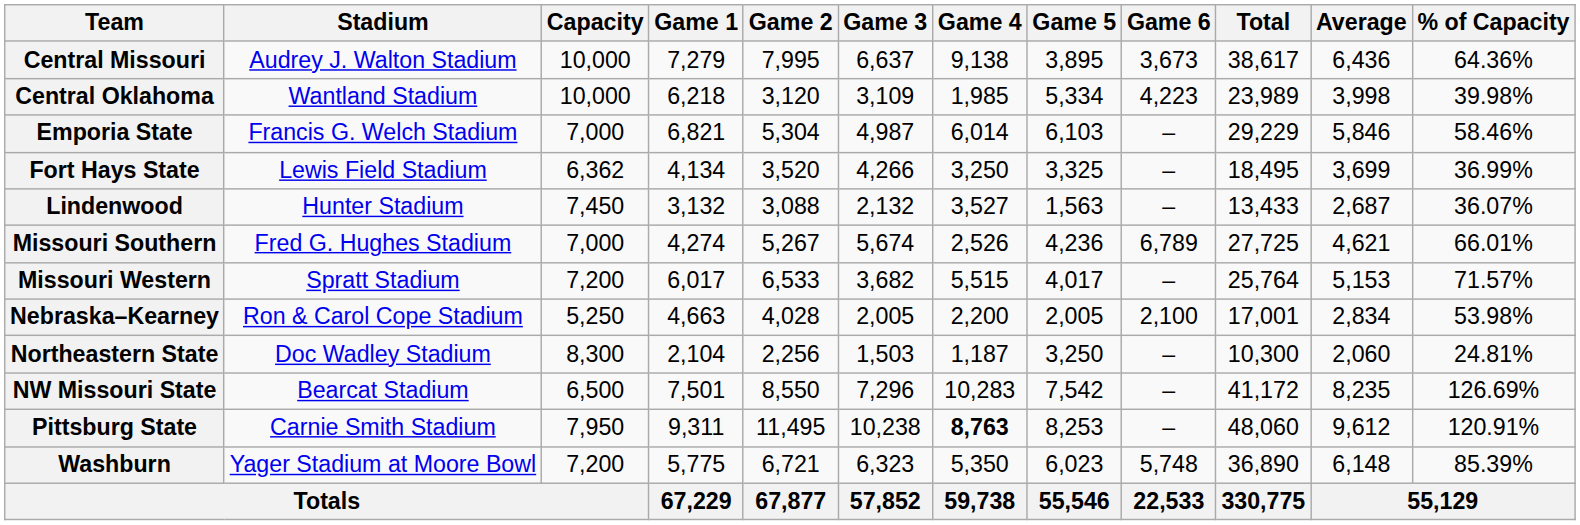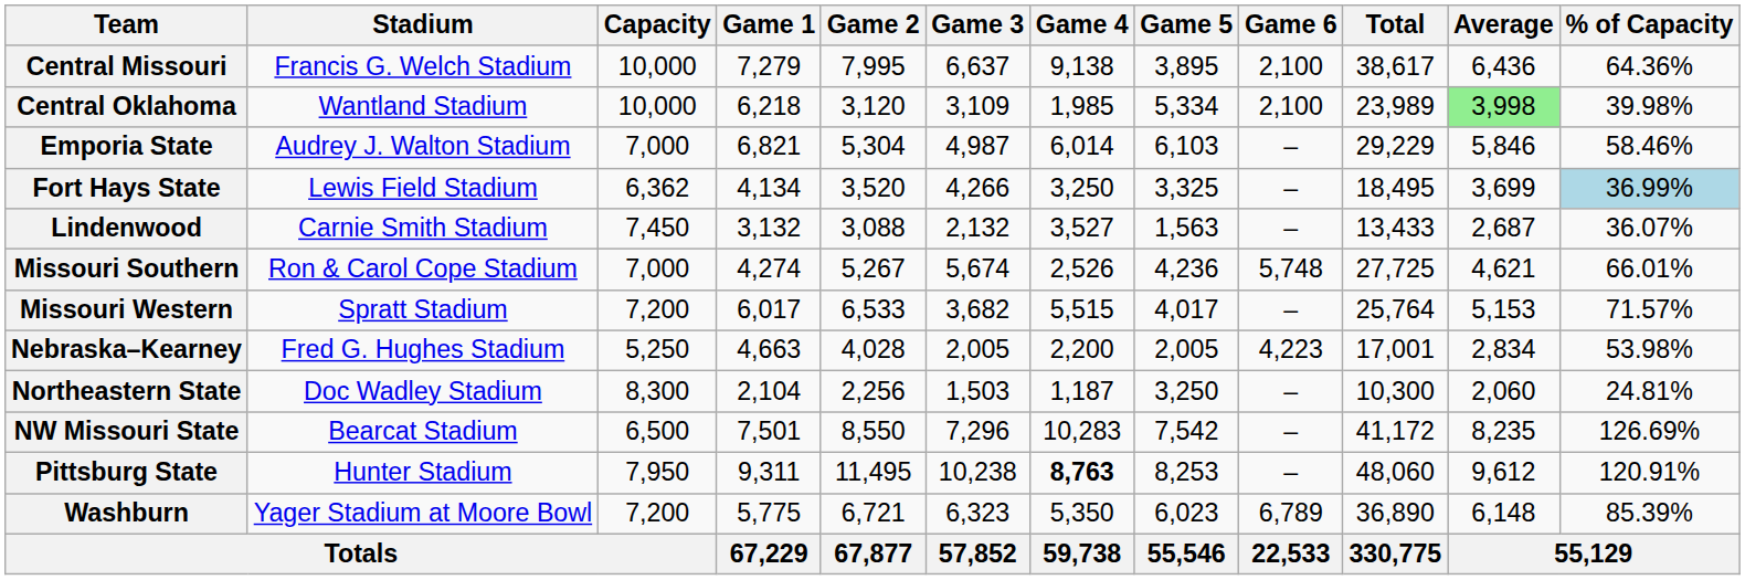 <table class="wikitable" style="text-align:center">
 <tr>
 <th>Team</th>
 <th>Stadium</th>
 <th>Capacity</th>
 <th>Game 1</th>
 <th>Game 2</th>
 <th>Game 3</th>
 <th>Game 4</th>
 <th>Game 5</th>
 <th>Game 6</th>
 <th>Total</th>
 <th>Average</th>
 <th>% of Capacity</th>
 </tr>
 <tr>
 <th>Central Missouri</th>
-<td><a href='#'>Audrey J. Walton Stadium</a></td>
+<td><a href='#'>Francis G. Welch Stadium</a></td>
 <td>10,000</td>
 <td>7,279</td>
 <td>7,995</td>
 <td>6,637</td>
 <td>9,138</td>
 <td>3,895</td>
-<td>3,673</td>
+<td>2,100</td>
 <td>38,617</td>
 <td>6,436</td>
 <td>64.36%</td>
 </tr>
 <tr>
 <th>Central Oklahoma</th>
 <td><a href='#'>Wantland Stadium</a></td>
 <td>10,000</td>
 <td>6,218</td>
 <td>3,120</td>
 <td>3,109</td>
 <td>1,985</td>
 <td>5,334</td>
-<td>4,223</td>
+<td>2,100</td>
 <td>23,989</td>
-<td>3,998</td>
+<td style="background: lightgreen;">3,998</td>
 <td>39.98%</td>
 </tr>
 <tr>
 <th>Emporia State</th>
-<td><a href='#'>Francis G. Welch Stadium</a></td>
+<td><a href='#'>Audrey J. Walton Stadium</a></td>
 <td>7,000</td>
 <td>6,821</td>
 <td>5,304</td>
 <td>4,987</td>
 <td>6,014</td>
 <td>6,103</td>
 <td>–</td>
 <td>29,229</td>
 <td>5,846</td>
 <td>58.46%</td>
 </tr>
 <tr>
 <th>Fort Hays State</th>
 <td><a href='#'>Lewis Field Stadium</a></td>
 <td>6,362</td>
 <td>4,134</td>
 <td>3,520</td>
 <td>4,266</td>
 <td>3,250</td>
 <td>3,325</td>
 <td>–</td>
 <td>18,495</td>
 <td>3,699</td>
-<td>36.99%</td>
+<td style="background: lightblue;">36.99%</td>
 </tr>
 <tr>
 <th>Lindenwood</th>
-<td><a href='#'>Hunter Stadium</a></td>
+<td><a href='#'>Carnie Smith Stadium</a></td>
 <td>7,450</td>
 <td>3,132</td>
 <td>3,088</td>
 <td>2,132</td>
 <td>3,527</td>
 <td>1,563</td>
 <td>–</td>
 <td>13,433</td>
 <td>2,687</td>
 <td>36.07%</td>
 </tr>
 <tr>
 <th>Missouri Southern</th>
-<td><a href='#'>Fred G. Hughes Stadium</a></td>
+<td><a href='#'>Ron & Carol Cope Stadium</a></td>
 <td>7,000</td>
 <td>4,274</td>
 <td>5,267</td>
 <td>5,674</td>
 <td>2,526</td>
 <td>4,236</td>
-<td>6,789</td>
+<td>5,748</td>
 <td>27,725</td>
 <td>4,621</td>
 <td>66.01%</td>
 </tr>
 <tr>
 <th>Missouri Western</th>
 <td><a href='#'>Spratt Stadium</a></td>
 <td>7,200</td>
 <td>6,017</td>
 <td>6,533</td>
 <td>3,682</td>
 <td>5,515</td>
 <td>4,017</td>
 <td>–</td>
 <td>25,764</td>
 <td>5,153</td>
 <td>71.57%</td>
 </tr>
 <tr>
 <th>Nebraska–Kearney</th>
-<td><a href='#'>Ron & Carol Cope Stadium</a></td>
+<td><a href='#'>Fred G. Hughes Stadium</a></td>
 <td>5,250</td>
 <td>4,663</td>
 <td>4,028</td>
 <td>2,005</td>
 <td>2,200</td>
 <td>2,005</td>
-<td>2,100</td>
+<td>4,223</td>
 <td>17,001</td>
 <td>2,834</td>
 <td>53.98%</td>
 </tr>
 <tr>
 <th>Northeastern State</th>
 <td><a href='#'>Doc Wadley Stadium</a></td>
 <td>8,300</td>
 <td>2,104</td>
 <td>2,256</td>
 <td>1,503</td>
 <td>1,187</td>
 <td>3,250</td>
 <td>–</td>
 <td>10,300</td>
 <td>2,060</td>
 <td>24.81%</td>
 </tr>
 <tr>
 <th>NW Missouri State</th>
 <td><a href='#'>Bearcat Stadium</a></td>
 <td>6,500</td>
 <td>7,501</td>
 <td>8,550</td>
 <td>7,296</td>
 <td>10,283</td>
 <td>7,542</td>
 <td>–</td>
 <td>41,172</td>
 <td>8,235</td>
 <td>126.69%</td>
 </tr>
 <tr>
 <th>Pittsburg State</th>
-<td><a href='#'>Carnie Smith Stadium</a></td>
+<td><a href='#'>Hunter Stadium</a></td>
 <td>7,950</td>
 <td>9,311</td>
 <td>11,495</td>
 <td>10,238</td>
 <td><strong>8,763</strong></td>
 <td>8,253</td>
 <td>–</td>
 <td>48,060</td>
 <td>9,612</td>
 <td>120.91%</td>
 </tr>
 <tr>
 <th>Washburn</th>
 <td><a href='#'>Yager Stadium at Moore Bowl</a></td>
 <td>7,200</td>
 <td>5,775</td>
 <td>6,721</td>
 <td>6,323</td>
 <td>5,350</td>
 <td>6,023</td>
-<td>5,748</td>
+<td>6,789</td>
 <td>36,890</td>
 <td>6,148</td>
 <td>85.39%</td>
 </tr>
 <tr>
 <th colspan="3">Totals</th>
 <th>67,229</th>
 <th>67,877</th>
 <th>57,852</th>
 <th>59,738</th>
 <th>55,546</th>
 <th>22,533</th>
 <th>330,775</th>
 <th colspan="2">55,129</th>
 </tr>
 </table>
